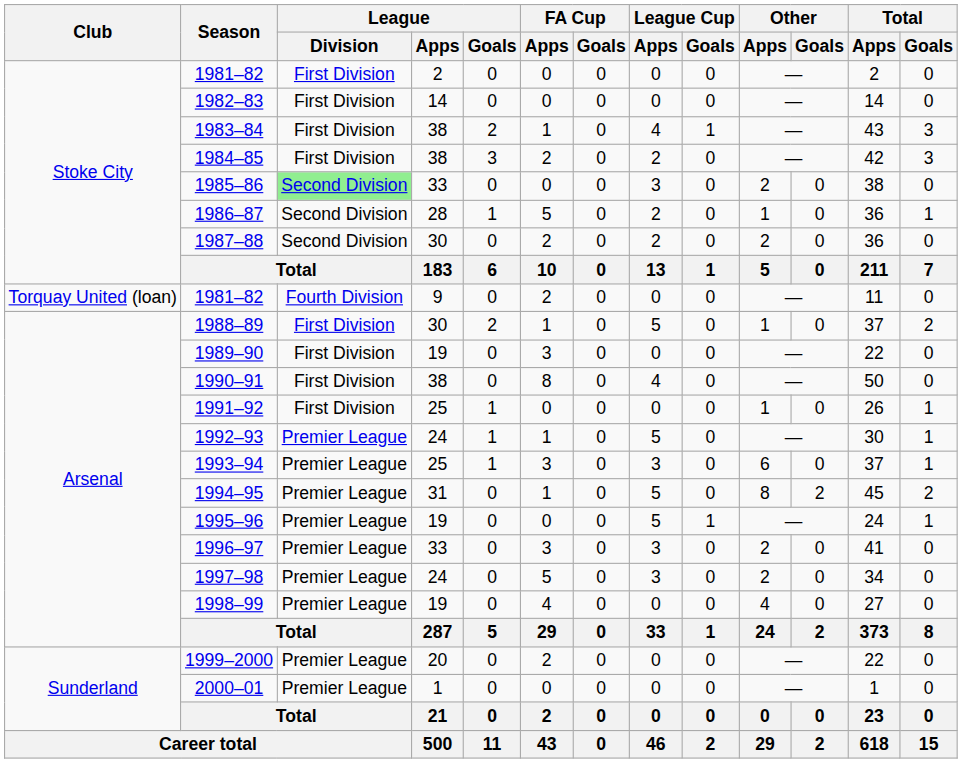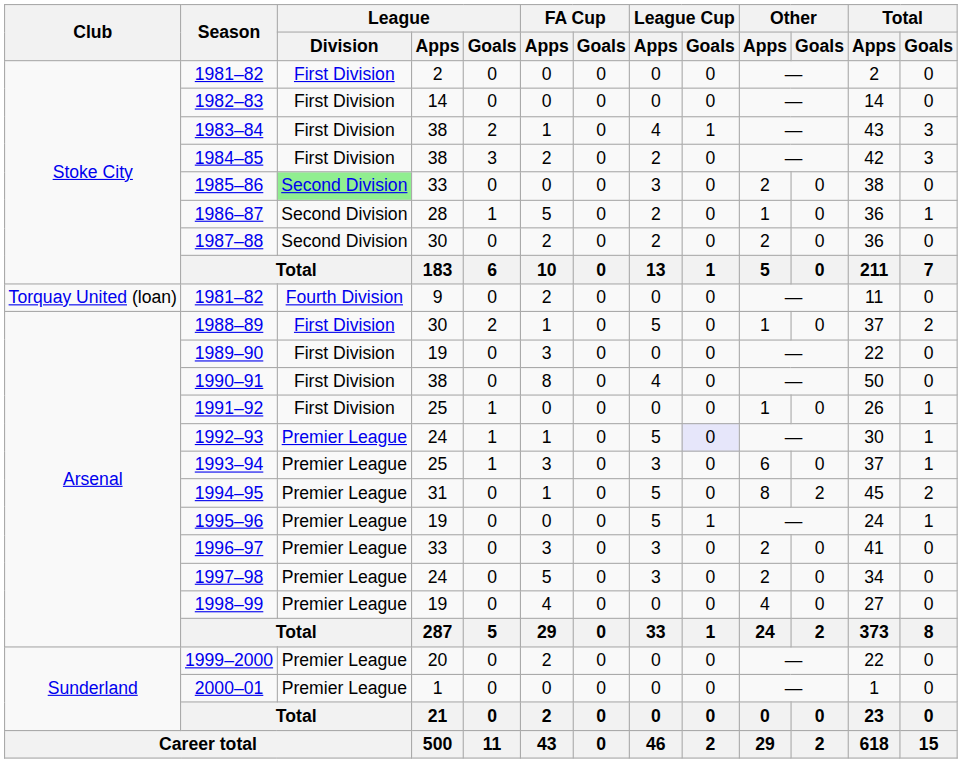 <table class="wikitable" style="text-align: center;">
 <tr>
 <th rowspan="2">Club</th>
 <th rowspan="2">Season</th>
 <th colspan="3">League</th>
 <th colspan="2">FA Cup</th>
 <th colspan="2">League Cup</th>
 <th colspan="2">Other</th>
 <th colspan="2">Total</th>
 </tr>
 <tr>
 <th>Division</th>
 <th>Apps</th>
 <th>Goals</th>
 <th>Apps</th>
 <th>Goals</th>
 <th>Apps</th>
 <th>Goals</th>
 <th>Apps</th>
 <th>Goals</th>
 <th>Apps</th>
 <th>Goals</th>
 </tr>
 <tr>
 <td rowspan="8"><a href='#'>Stoke City</a></td>
 <td><a href='#'>1981–82</a></td>
 <td><a href='#'>First Division</a></td>
 <td>2</td>
 <td>0</td>
 <td>0</td>
 <td>0</td>
 <td>0</td>
 <td>0</td>
 <td colspan="2">—</td>
 <td>2</td>
 <td>0</td>
 </tr>
 <tr>
 <td><a href='#'>1982–83</a></td>
 <td>First Division</td>
 <td>14</td>
 <td>0</td>
 <td>0</td>
 <td>0</td>
 <td>0</td>
 <td>0</td>
 <td colspan="2">—</td>
 <td>14</td>
 <td>0</td>
 </tr>
 <tr>
 <td><a href='#'>1983–84</a></td>
 <td>First Division</td>
 <td>38</td>
 <td>2</td>
 <td>1</td>
 <td>0</td>
 <td>4</td>
 <td>1</td>
 <td colspan="2">—</td>
 <td>43</td>
 <td>3</td>
 </tr>
 <tr>
 <td><a href='#'>1984–85</a></td>
 <td>First Division</td>
 <td>38</td>
 <td>3</td>
 <td>2</td>
 <td>0</td>
 <td>2</td>
 <td>0</td>
 <td colspan="2">—</td>
 <td>42</td>
 <td>3</td>
 </tr>
 <tr>
 <td><a href='#'>1985–86</a></td>
 <td style="background: lightgreen;"><a href='#'>Second Division</a></td>
 <td>33</td>
 <td>0</td>
 <td>0</td>
 <td>0</td>
 <td>3</td>
 <td>0</td>
 <td>2</td>
 <td>0</td>
 <td>38</td>
 <td>0</td>
 </tr>
 <tr>
 <td><a href='#'>1986–87</a></td>
 <td>Second Division</td>
 <td>28</td>
 <td>1</td>
 <td>5</td>
 <td>0</td>
 <td>2</td>
 <td>0</td>
 <td>1</td>
 <td>0</td>
 <td>36</td>
 <td>1</td>
 </tr>
 <tr>
 <td><a href='#'>1987–88</a></td>
 <td>Second Division</td>
 <td>30</td>
 <td>0</td>
 <td>2</td>
 <td>0</td>
 <td>2</td>
 <td>0</td>
 <td>2</td>
 <td>0</td>
 <td>36</td>
 <td>0</td>
 </tr>
 <tr>
 <th colspan="2">Total</th>
 <th>183</th>
 <th>6</th>
 <th>10</th>
 <th>0</th>
 <th>13</th>
 <th>1</th>
 <th>5</th>
 <th>0</th>
 <th>211</th>
 <th>7</th>
 </tr>
 <tr>
 <td><a href='#'>Torquay United</a> (loan)</td>
 <td><a href='#'>1981–82</a></td>
 <td><a href='#'>Fourth Division</a></td>
 <td>9</td>
 <td>0</td>
 <td>2</td>
 <td>0</td>
 <td>0</td>
 <td>0</td>
 <td colspan="2">—</td>
 <td>11</td>
 <td>0</td>
 </tr>
 <tr>
 <td rowspan="12"><a href='#'>Arsenal</a></td>
 <td><a href='#'>1988–89</a></td>
 <td><a href='#'>First Division</a></td>
 <td>30</td>
 <td>2</td>
 <td>1</td>
 <td>0</td>
 <td>5</td>
 <td>0</td>
 <td>1</td>
 <td>0</td>
 <td>37</td>
 <td>2</td>
 </tr>
 <tr>
 <td><a href='#'>1989–90</a></td>
 <td>First Division</td>
 <td>19</td>
 <td>0</td>
 <td>3</td>
 <td>0</td>
 <td>0</td>
 <td>0</td>
 <td colspan="2">—</td>
 <td>22</td>
 <td>0</td>
 </tr>
 <tr>
 <td><a href='#'>1990–91</a></td>
 <td>First Division</td>
 <td>38</td>
 <td>0</td>
 <td>8</td>
 <td>0</td>
 <td>4</td>
 <td>0</td>
 <td colspan="2">—</td>
 <td>50</td>
 <td>0</td>
 </tr>
 <tr>
 <td><a href='#'>1991–92</a></td>
 <td>First Division</td>
 <td>25</td>
 <td>1</td>
 <td>0</td>
 <td>0</td>
 <td>0</td>
 <td>0</td>
 <td>1</td>
 <td>0</td>
 <td>26</td>
 <td>1</td>
 </tr>
 <tr>
 <td><a href='#'>1992–93</a></td>
 <td><a href='#'>Premier League</a></td>
 <td>24</td>
 <td>1</td>
 <td>1</td>
 <td>0</td>
 <td>5</td>
-<td>0</td>
+<td style="background: lavender;">0</td>
 <td colspan="2">—</td>
 <td>30</td>
 <td>1</td>
 </tr>
 <tr>
 <td><a href='#'>1993–94</a></td>
 <td>Premier League</td>
 <td>25</td>
 <td>1</td>
 <td>3</td>
 <td>0</td>
 <td>3</td>
 <td>0</td>
 <td>6</td>
 <td>0</td>
 <td>37</td>
 <td>1</td>
 </tr>
 <tr>
 <td><a href='#'>1994–95</a></td>
 <td>Premier League</td>
 <td>31</td>
 <td>0</td>
 <td>1</td>
 <td>0</td>
 <td>5</td>
 <td>0</td>
 <td>8</td>
 <td>2</td>
 <td>45</td>
 <td>2</td>
 </tr>
 <tr>
 <td><a href='#'>1995–96</a></td>
 <td>Premier League</td>
 <td>19</td>
 <td>0</td>
 <td>0</td>
 <td>0</td>
 <td>5</td>
 <td>1</td>
 <td colspan="2">—</td>
 <td>24</td>
 <td>1</td>
 </tr>
 <tr>
 <td><a href='#'>1996–97</a></td>
 <td>Premier League</td>
 <td>33</td>
 <td>0</td>
 <td>3</td>
 <td>0</td>
 <td>3</td>
 <td>0</td>
 <td>2</td>
 <td>0</td>
 <td>41</td>
 <td>0</td>
 </tr>
 <tr>
 <td><a href='#'>1997–98</a></td>
 <td>Premier League</td>
 <td>24</td>
 <td>0</td>
 <td>5</td>
 <td>0</td>
 <td>3</td>
 <td>0</td>
 <td>2</td>
 <td>0</td>
 <td>34</td>
 <td>0</td>
 </tr>
 <tr>
 <td><a href='#'>1998–99</a></td>
 <td>Premier League</td>
 <td>19</td>
 <td>0</td>
 <td>4</td>
 <td>0</td>
 <td>0</td>
 <td>0</td>
 <td>4</td>
 <td>0</td>
 <td>27</td>
 <td>0</td>
 </tr>
 <tr>
 <th colspan="2">Total</th>
 <th>287</th>
 <th>5</th>
 <th>29</th>
 <th>0</th>
 <th>33</th>
 <th>1</th>
 <th>24</th>
 <th>2</th>
 <th>373</th>
 <th>8</th>
 </tr>
 <tr>
 <td rowspan="3"><a href='#'>Sunderland</a></td>
 <td><a href='#'>1999–2000</a></td>
 <td>Premier League</td>
 <td>20</td>
 <td>0</td>
 <td>2</td>
 <td>0</td>
 <td>0</td>
 <td>0</td>
 <td colspan="2">—</td>
 <td>22</td>
 <td>0</td>
 </tr>
 <tr>
 <td><a href='#'>2000–01</a></td>
 <td>Premier League</td>
 <td>1</td>
 <td>0</td>
 <td>0</td>
 <td>0</td>
 <td>0</td>
 <td>0</td>
 <td colspan="2">—</td>
 <td>1</td>
 <td>0</td>
 </tr>
 <tr>
 <th colspan="2">Total</th>
 <th>21</th>
 <th>0</th>
 <th>2</th>
 <th>0</th>
 <th>0</th>
 <th>0</th>
 <th>0</th>
 <th>0</th>
 <th>23</th>
 <th>0</th>
 </tr>
 <tr>
 <th colspan="3">Career total</th>
 <th>500</th>
 <th>11</th>
 <th>43</th>
 <th>0</th>
 <th>46</th>
 <th>2</th>
 <th>29</th>
 <th>2</th>
 <th>618</th>
 <th>15</th>
 </tr>
 </table>
